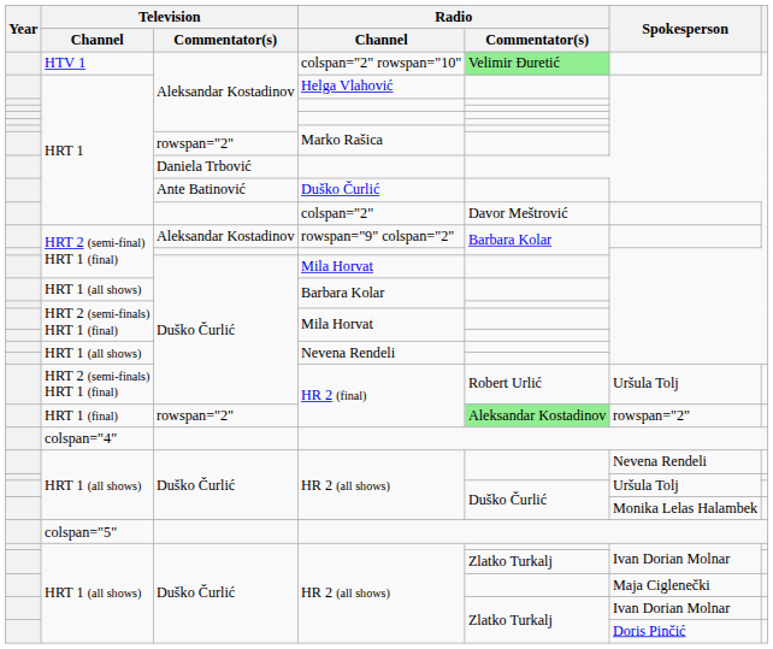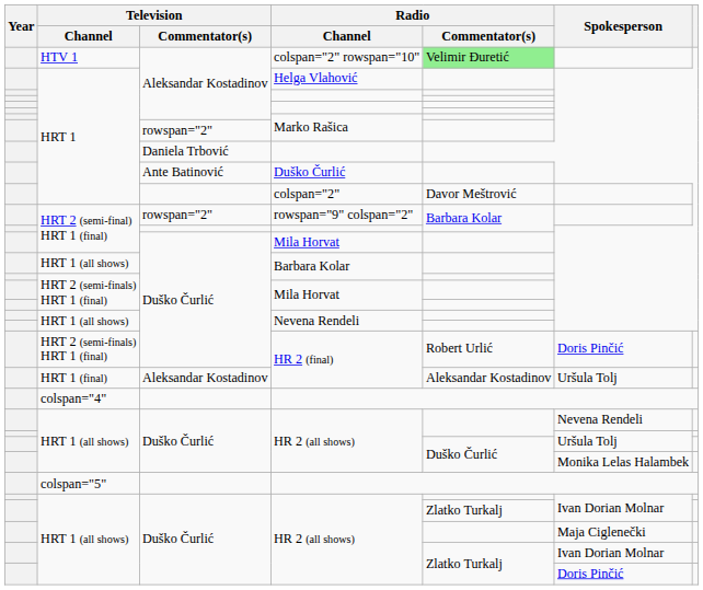 <table class="wikitable plainrowheaders sticky-header" text-align:left;">
 <tr>
 <th rowspan="2">Year</th>
 <th colspan="2">Television</th>
 <th colspan="2">Radio</th>
 <th rowspan="2">Spokesperson</th>
 <th rowspan="2" class="unsortable"></th>
 </tr>
 <tr>
 <th>Channel</th>
 <th>Commentator(s)</th>
 <th>Channel</th>
 <th>Commentator(s)</th>
 </tr>
 <tr>
 <th scope="row"></th>
 <td><a href='#'>HTV 1</a></td>
 <td rowspan="7">Aleksandar Kostadinov</td>
 <td>colspan="2" rowspan="10" </td>
 <td style="background: lightgreen;">Velimir Đuretić</td>
 <td style="text-align:center"></td>
 </tr>
 <tr>
 <th scope="row"></th>
 <td rowspan="10">HRT 1</td>
 <td><a href='#'>Helga Vlahović</a></td>
 <td style="text-align:center"></td>
 </tr>
 <tr>
 <th scope="row"></th>
 <td rowspan="2"></td>
 <td style="text-align:center"></td>
 </tr>
 <tr>
 <th scope="row"></th>
 <td style="text-align:center"></td>
 </tr>
 <tr>
 <th scope="row"></th>
 <td rowspan="2"></td>
 <td style="text-align:center"></td>
 </tr>
 <tr>
 <th scope="row"></th>
 <td style="text-align:center"></td>
 </tr>
 <tr>
 <th scope="row"></th>
 <td rowspan="2">Marko Rašica</td>
 <td style="text-align:center"></td>
 </tr>
 <tr>
 <th scope="row"></th>
 <td>rowspan="2" </td>
 <td style="text-align:center"></td>
 </tr>
 <tr>
 <th scope="row"></th>
 <td>Daniela Trbović</td>
 <td></td>
 </tr>
 <tr>
 <th scope="row"></th>
 <td>Ante Batinović</td>
 <td><a href='#'>Duško Čurlić</a></td>
 <td></td>
 </tr>
 <tr>
 <th scope="row"></th>
 <td></td>
 <td>colspan="2" </td>
 <td>Davor Meštrović</td>
 <td></td>
 </tr>
 <tr>
 <th scope="row"></th>
 <td rowspan="3"><a href='#'>HRT 2</a> <small>(semi-final)</small><br>HRT 1 <small>(final)</small></td>
-<td>Aleksandar Kostadinov</td>
+<td>rowspan="2" </td>
 <td>rowspan="9" colspan="2" </td>
 <td rowspan="2"><a href='#'>Barbara Kolar</a></td>
 <td></td>
 </tr>
 <tr>
 <th scope="row"></th>
 <td></td>
 </tr>
 <tr>
 <th scope="row"></th>
 <td rowspan="8">Duško Čurlić</td>
 <td><a href='#'>Mila Horvat</a></td>
 <td></td>
 </tr>
 <tr>
 <th scope="row"></th>
 <td>HRT 1 <small>(all shows)</small></td>
 <td rowspan="2">Barbara Kolar</td>
 <td></td>
 </tr>
 <tr>
 <th scope="row"></th>
 <td rowspan="3">HRT 2 <small>(semi-finals)</small><br> HRT 1 <small>(final)</small></td>
 <td></td>
 </tr>
 <tr>
 <th scope="row"></th>
 <td rowspan="2">Mila Horvat</td>
 <td></td>
 </tr>
 <tr>
 <th scope="row"></th>
 <td></td>
 </tr>
 <tr>
 <th scope="row"></th>
 <td rowspan="2">HRT 1 <small>(all shows)</small></td>
 <td rowspan="2">Nevena Rendeli</td>
 <td></td>
 </tr>
 <tr>
 <th scope="row"></th>
 <td></td>
 </tr>
 <tr>
 <th scope="row"></th>
 <td>HRT 2 <small>(semi-finals)</small><br>HRT 1 <small>(final)</small></td>
 <td rowspan="2"><a href='#'>HR 2</a> <small>(final)</small></td>
 <td>Robert Urlić</td>
-<td>Uršula Tolj</td>
+<td><a href='#'>Doris Pinčić</a></td>
 <td></td>
 </tr>
 <tr>
 <th scope="row"></th>
 <td>HRT 1 <small>(final)</small></td>
-<td>rowspan="2" </td>
-<td style="background: lightgreen;">Aleksandar Kostadinov</td>
-<td>rowspan="2" </td>
+<td>Aleksandar Kostadinov</td>
+<td>Aleksandar Kostadinov</td>
+<td>Uršula Tolj</td>
 <td></td>
 </tr>
 <tr>
 <th scope="row"></th>
 <td>colspan="4" </td>
 <td></td>
 </tr>
 <tr>
 <th scope="row"></th>
 <td rowspan="4">HRT 1 <small>(all shows)</small></td>
 <td rowspan="4">Duško Čurlić</td>
 <td rowspan="4">HR 2 <small>(all shows)</small></td>
 <td rowspan="2"></td>
 <td>Nevena Rendeli</td>
 <td></td>
 </tr>
 <tr>
 <th scope="row"></th>
 <td rowspan="2">Uršula Tolj</td>
 <td></td>
 </tr>
 <tr>
 <th scope="row"></th>
 <td rowspan="2">Duško Čurlić</td>
 <td></td>
 </tr>
 <tr>
 <th scope="row"></th>
 <td>Monika Lelas Halambek</td>
 <td></td>
 </tr>
 <tr>
 <th scope="row"></th>
 <td>colspan="5" </td>
 <td></td>
 </tr>
 <tr>
 <th scope="row"></th>
 <td rowspan="5">HRT 1 <small>(all shows)</small></td>
 <td rowspan="5">Duško Čurlić</td>
 <td rowspan="5">HR 2 <small>(all shows)</small></td>
 <td></td>
 <td rowspan="2">Ivan Dorian Molnar</td>
 <td></td>
 </tr>
 <tr>
 <th scope="row"></th>
 <td>Zlatko Turkalj</td>
 <td></td>
 </tr>
 <tr>
 <th scope="row"></th>
 <td></td>
 <td>Maja Ciglenečki</td>
 <td></td>
 </tr>
 <tr>
 <th scope="row"></th>
 <td rowspan="2">Zlatko Turkalj</td>
 <td>Ivan Dorian Molnar</td>
 <td></td>
 </tr>
 <tr>
 <th scope="row"></th>
 <td><a href='#'>Doris Pinčić</a></td>
 <td></td>
 </tr>
 </table>
